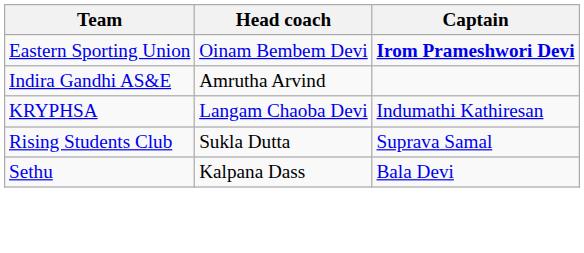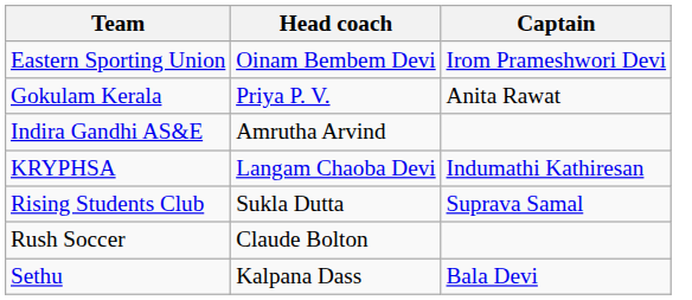 <table class="wikitable sortable" style="text-align: left">
 <tr>
 <th>Team</th>
 <th>Head coach</th>
 <th>Captain</th>
 </tr>
 <tr>
 <td><a href='#'>Eastern Sporting Union</a></td>
 <td> <a href='#'>Oinam Bembem Devi</a></td>
-<td><strong> <a href='#'>Irom Prameshwori Devi</a></strong></td>
+<td> <a href='#'>Irom Prameshwori Devi</a></td>
+</tr>
+<tr>
+<td><a href='#'>Gokulam Kerala</a></td>
+<td> <a href='#'>Priya P. V.</a></td>
+<td> Anita Rawat</td>
 </tr>
 <tr>
 <td><a href='#'>Indira Gandhi AS&E</a></td>
 <td> Amrutha Arvind</td>
 <td></td>
 </tr>
 <tr>
 <td><a href='#'>KRYPHSA</a></td>
 <td> <a href='#'>Langam Chaoba Devi</a></td>
 <td> <a href='#'>Indumathi Kathiresan</a></td>
 </tr>
 <tr>
 <td><a href='#'>Rising Students Club</a></td>
 <td> Sukla Dutta</td>
 <td> <a href='#'>Suprava Samal</a></td>
 </tr>
 <tr>
+<td>Rush Soccer</td>
+<td> Claude Bolton</td>
+<td></td>
+</tr>
+<tr>
 <td><a href='#'>Sethu</a></td>
 <td> Kalpana Dass</td>
 <td> <a href='#'>Bala Devi</a></td>
 </tr>
 </table>
